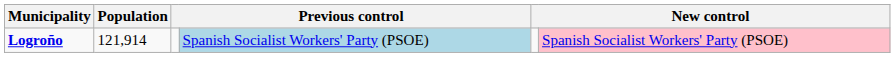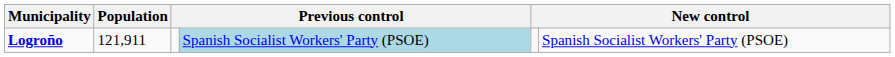 <table class="wikitable sortable">
 <tr>
 <th>Municipality</th>
 <th>Population</th>
 <th colspan="2" style="width:375px;">Previous control</th>
 <th colspan="2" style="width:375px;">New control</th>
 </tr>
 <tr>
 <td><strong><a href='#'>Logroño</a></strong></td>
-<td>121,914</td>
+<td>121,911</td>
 <td width="1" style="color:inherit;background:"></td>
 <td style="background: lightblue;"><a href='#'>Spanish Socialist Workers' Party</a> (PSOE)</td>
 <td width="1" style="color:inherit;background:"></td>
-<td style="background: pink;"><a href='#'>Spanish Socialist Workers' Party</a> (PSOE)</td>
+<td><a href='#'>Spanish Socialist Workers' Party</a> (PSOE)</td>
 </tr>
 </table>
